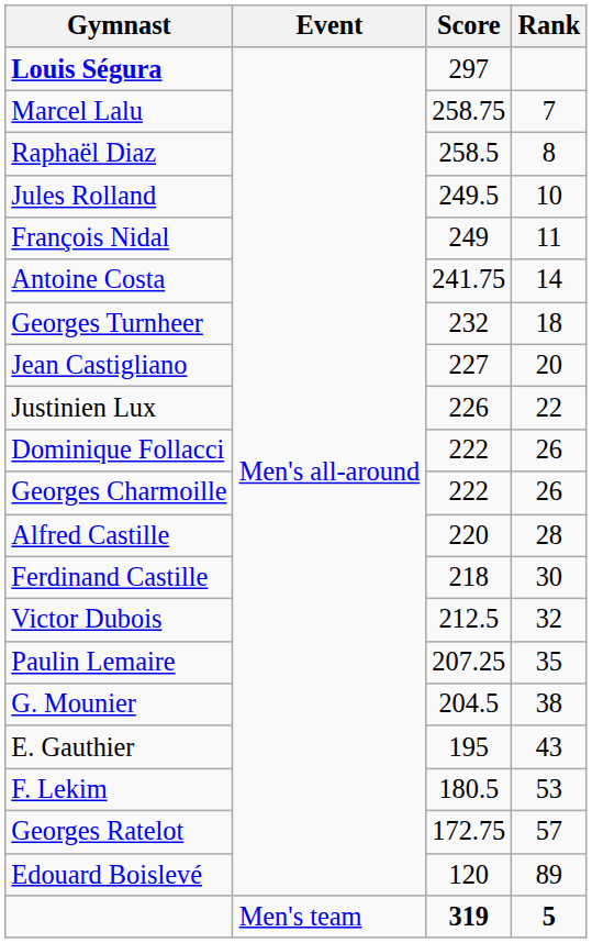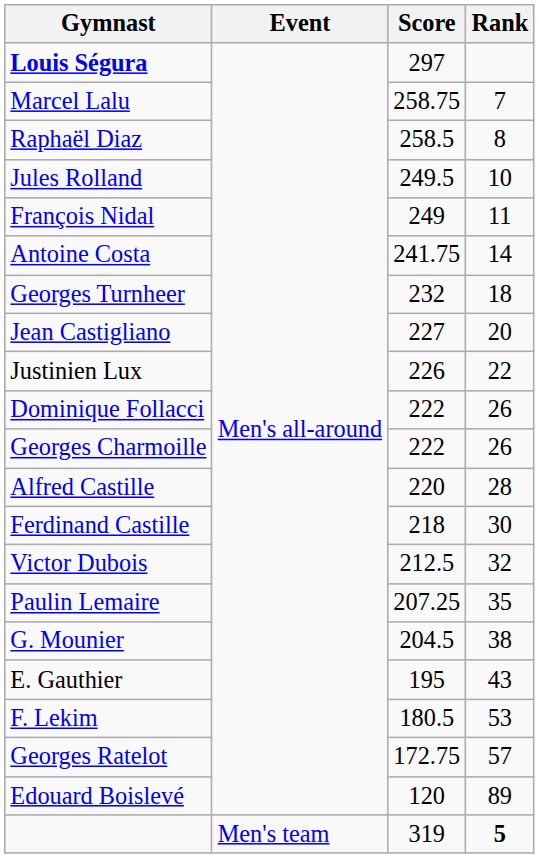 <table class=wikitable>
 <tr>
 <th>Gymnast</th>
 <th>Event</th>
 <th>Score</th>
 <th>Rank</th>
 </tr>
 <tr align=center>
 <td align=left><strong><a href='#'>Louis Ségura</a></strong></td>
 <td rowspan=20 align=left><a href='#'>Men's all-around</a></td>
 <td>297</td>
 <td></td>
 </tr>
 <tr align=center>
 <td align=left><a href='#'>Marcel Lalu</a></td>
 <td>258.75</td>
 <td>7</td>
 </tr>
 <tr align=center>
 <td align=left><a href='#'>Raphaël Diaz</a></td>
 <td>258.5</td>
 <td>8</td>
 </tr>
 <tr align=center>
 <td align=left><a href='#'>Jules Rolland</a></td>
 <td>249.5</td>
 <td>10</td>
 </tr>
 <tr align=center>
 <td align=left><a href='#'>François Nidal</a></td>
 <td>249</td>
 <td>11</td>
 </tr>
 <tr align=center>
 <td align=left><a href='#'>Antoine Costa</a></td>
 <td>241.75</td>
 <td>14</td>
 </tr>
 <tr align=center>
 <td align=left><a href='#'>Georges Turnheer</a></td>
 <td>232</td>
 <td>18</td>
 </tr>
 <tr align=center>
 <td align=left><a href='#'>Jean Castigliano</a></td>
 <td>227</td>
 <td>20</td>
 </tr>
 <tr align=center>
 <td align=left>Justinien Lux</td>
 <td>226</td>
 <td>22</td>
 </tr>
 <tr align=center>
 <td align=left><a href='#'>Dominique Follacci</a></td>
 <td>222</td>
 <td>26</td>
 </tr>
 <tr align=center>
 <td align=left><a href='#'>Georges Charmoille</a></td>
 <td>222</td>
 <td>26</td>
 </tr>
 <tr align=center>
 <td align=left><a href='#'>Alfred Castille</a></td>
 <td>220</td>
 <td>28</td>
 </tr>
 <tr align=center>
 <td align=left><a href='#'>Ferdinand Castille</a></td>
 <td>218</td>
 <td>30</td>
 </tr>
 <tr align=center>
 <td align=left><a href='#'>Victor Dubois</a></td>
 <td>212.5</td>
 <td>32</td>
 </tr>
 <tr align=center>
 <td align=left><a href='#'>Paulin Lemaire</a></td>
 <td>207.25</td>
 <td>35</td>
 </tr>
 <tr align=center>
 <td align=left><a href='#'>G. Mounier</a></td>
 <td>204.5</td>
 <td>38</td>
 </tr>
 <tr align=center>
 <td align=left>E. Gauthier</td>
 <td>195</td>
 <td>43</td>
 </tr>
 <tr align=center>
 <td align=left><a href='#'>F. Lekim</a></td>
 <td>180.5</td>
 <td>53</td>
 </tr>
 <tr align=center>
 <td align=left><a href='#'>Georges Ratelot</a></td>
 <td>172.75</td>
 <td>57</td>
 </tr>
 <tr align=center>
 <td align=left><a href='#'>Edouard Boislevé</a></td>
 <td>120</td>
 <td>89</td>
 </tr>
 <tr align=center>
 <td align=left></td>
 <td align=left><a href='#'>Men's team</a></td>
-<td><strong>319</strong></td>
+<td>319</td>
 <td><strong>5</strong></td>
 </tr>
 </table>
